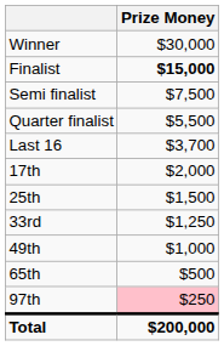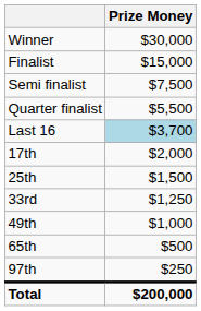 <table class="wikitable sortable">
 <tr>
 <th></th>
 <th>Prize Money</th>
 </tr>
 <tr>
 <td>Winner</td>
 <td style="text-align:right">$30,000</td>
 </tr>
 <tr>
 <td>Finalist</td>
-<td style="text-align:right"><strong>$15,000</strong></td>
+<td style="text-align:right">$15,000</td>
 </tr>
 <tr>
 <td>Semi finalist</td>
 <td style="text-align:right">$7,500</td>
 </tr>
 <tr>
 <td>Quarter finalist</td>
 <td style="text-align:right">$5,500</td>
 </tr>
 <tr>
 <td>Last 16</td>
-<td style="text-align:right">$3,700</td>
+<td style="background: lightblue; text-align:right">$3,700</td>
 </tr>
 <tr>
 <td>17th</td>
 <td style="text-align:right">$2,000</td>
 </tr>
 <tr>
 <td>25th</td>
 <td style="text-align:right">$1,500</td>
 </tr>
 <tr>
 <td>33rd</td>
 <td style="text-align:right">$1,250</td>
 </tr>
 <tr>
 <td>49th</td>
 <td style="text-align:right">$1,000</td>
 </tr>
 <tr>
 <td>65th</td>
 <td style="text-align:right">$500</td>
 </tr>
 <tr>
 <td>97th</td>
-<td style="background: pink; text-align:right">$250</td>
+<td style="text-align:right">$250</td>
 </tr>
 <tr>
 <td style="border-top:medium solid"><strong>Total</strong></td>
 <td style="border-top:medium solid; text-align:right"><strong>$200,000</strong></td>
 </tr>
 </table>
